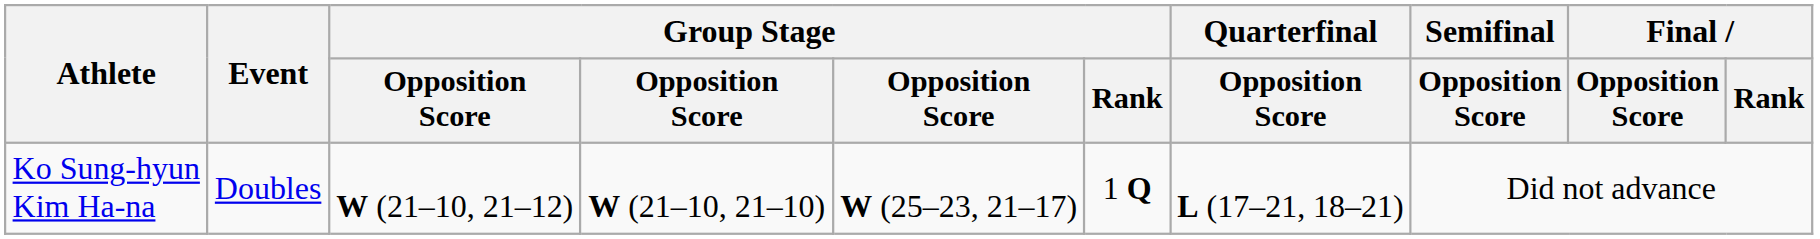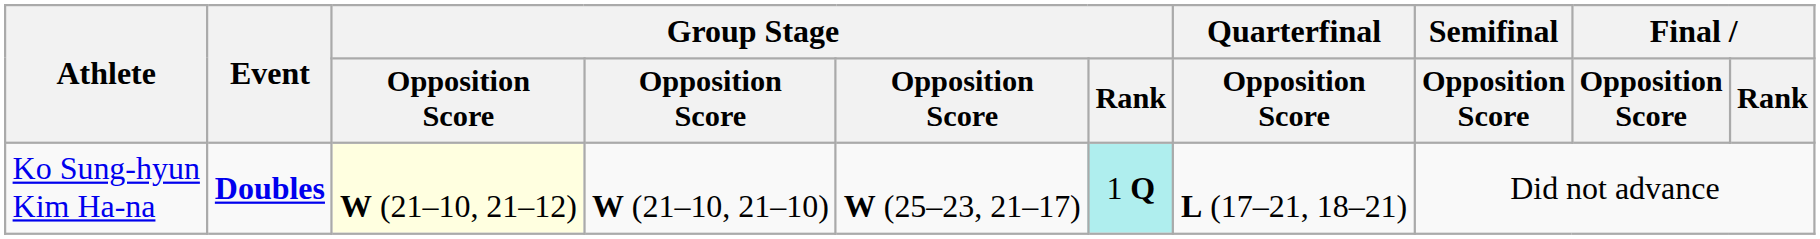 <table class="wikitable" style="font-size:90%">
 <tr>
 <th rowspan=2>Athlete</th>
 <th rowspan=2>Event</th>
 <th colspan=4>Group Stage</th>
 <th>Quarterfinal</th>
 <th>Semifinal</th>
 <th colspan=2>Final / </th>
 </tr>
 <tr style="font-size:95%">
 <th>Opposition<br>Score</th>
 <th>Opposition<br>Score</th>
 <th>Opposition<br>Score</th>
 <th>Rank</th>
 <th>Opposition<br>Score</th>
 <th>Opposition<br>Score</th>
 <th>Opposition<br>Score</th>
 <th>Rank</th>
 </tr>
 <tr align=center>
 <td align=left><a href='#'>Ko Sung-hyun</a><br><a href='#'>Kim Ha-na</a></td>
-<td align=left><a href='#'>Doubles</a></td>
-<td><br><strong>W</strong> (21–10, 21–12)</td>
+<td align=left><strong><a href='#'>Doubles</a></strong></td>
+<td style="background: lightyellow;"><br><strong>W</strong> (21–10, 21–12)</td>
 <td><br><strong>W</strong> (21–10, 21–10)</td>
 <td><br><strong>W</strong> (25–23, 21–17)</td>
-<td>1 <strong>Q</strong></td>
+<td style="background: paleturquoise;">1 <strong>Q</strong></td>
 <td><br><strong>L</strong> (17–21, 18–21)</td>
 <td colspan=3>Did not advance</td>
 </tr>
 </table>
